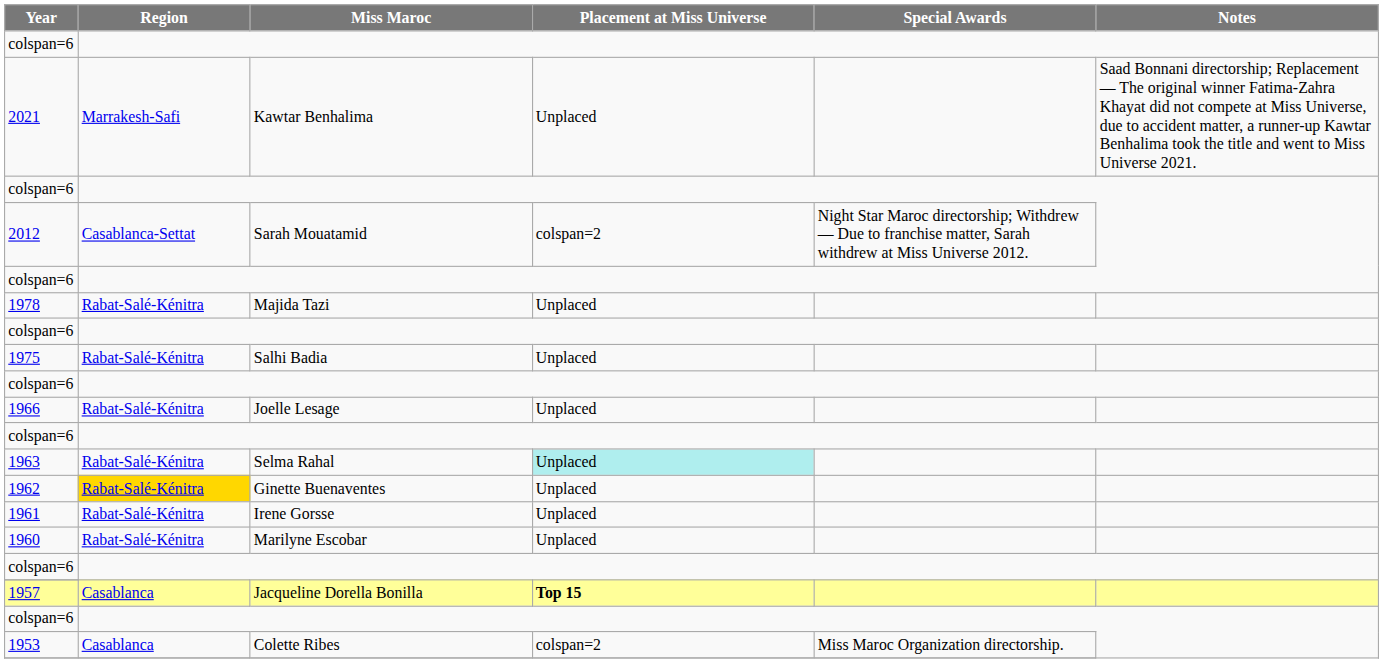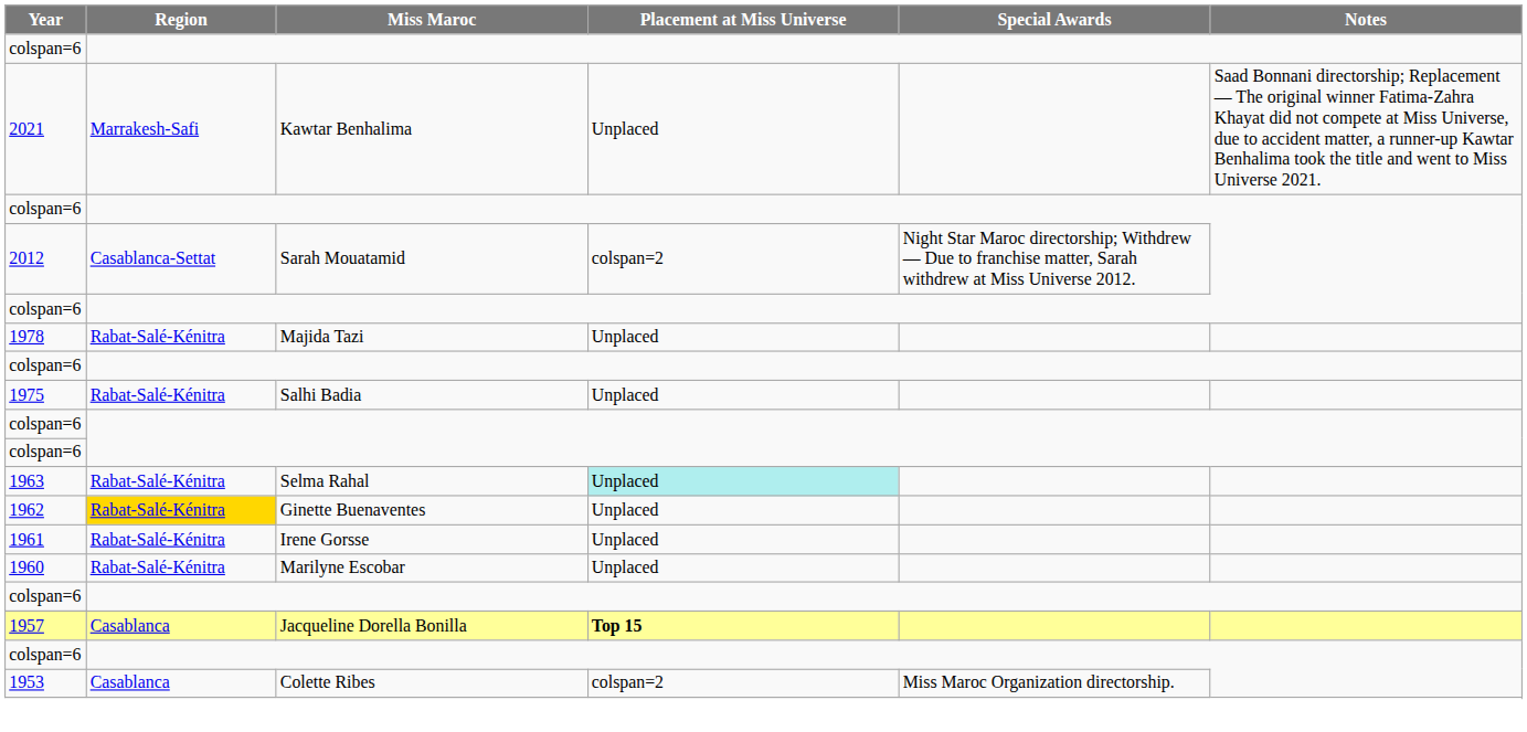 <table class="wikitable " style="font-size: 90%;">
 <tr>
 <th width="60" style="background-color:#787878;color:#FFFFFF;">Year</th>
 <th width="150" style="background-color:#787878;color:#FFFFFF;">Region</th>
 <th width="250" style="background-color:#787878;color:#FFFFFF;">Miss Maroc</th>
 <th width="250" style="background-color:#787878;color:#FFFFFF;">Placement at Miss Universe</th>
 <th width="250" style="background-color:#787878;color:#FFFFFF;">Special Awards</th>
 <th width="250" style="background-color:#787878;color:#FFFFFF;">Notes</th>
 </tr>
 <tr>
 <td>colspan=6 </td>
 </tr>
 <tr>
 <td><a href='#'>2021</a></td>
 <td><a href='#'>Marrakesh-Safi</a></td>
 <td>Kawtar Benhalima</td>
 <td>Unplaced</td>
 <td></td>
 <td>Saad Bonnani directorship; Replacement — The original winner Fatima-Zahra Khayat did not compete at Miss Universe, due to accident matter, a runner-up Kawtar Benhalima took the title and went to Miss Universe 2021.</td>
 </tr>
 <tr>
 <td>colspan=6 </td>
 </tr>
 <tr>
 <td><a href='#'>2012</a></td>
 <td><a href='#'>Casablanca-Settat</a></td>
 <td>Sarah Mouatamid</td>
 <td>colspan=2 </td>
 <td>Night Star Maroc directorship; Withdrew — Due to franchise matter, Sarah withdrew at Miss Universe 2012.</td>
 </tr>
 <tr>
 <td>colspan=6 </td>
 </tr>
 <tr>
 <td><a href='#'>1978</a></td>
 <td><a href='#'>Rabat-Salé-Kénitra</a></td>
 <td>Majida Tazi</td>
 <td>Unplaced</td>
 <td></td>
 <td></td>
 </tr>
 <tr>
 <td>colspan=6 </td>
 </tr>
 <tr>
 <td><a href='#'>1975</a></td>
 <td><a href='#'>Rabat-Salé-Kénitra</a></td>
 <td>Salhi Badia</td>
 <td>Unplaced</td>
 <td></td>
 <td></td>
 </tr>
 <tr>
 <td>colspan=6 </td>
-</tr>
-<tr>
-<td><a href='#'>1966</a></td>
-<td><a href='#'>Rabat-Salé-Kénitra</a></td>
-<td>Joelle Lesage</td>
-<td>Unplaced</td>
-<td></td>
-<td></td>
 </tr>
 <tr>
 <td>colspan=6 </td>
 </tr>
 <tr>
 <td><a href='#'>1963</a></td>
 <td><a href='#'>Rabat-Salé-Kénitra</a></td>
 <td>Selma Rahal</td>
 <td style="background: paleturquoise;">Unplaced</td>
 <td></td>
 <td></td>
 </tr>
 <tr>
 <td><a href='#'>1962</a></td>
 <td style="background: gold;"><a href='#'>Rabat-Salé-Kénitra</a></td>
 <td>Ginette Buenaventes</td>
 <td>Unplaced</td>
 <td></td>
 <td></td>
 </tr>
 <tr>
 <td><a href='#'>1961</a></td>
 <td><a href='#'>Rabat-Salé-Kénitra</a></td>
 <td>Irene Gorsse</td>
 <td>Unplaced</td>
 <td></td>
 </tr>
 <tr>
 <td><a href='#'>1960</a></td>
 <td><a href='#'>Rabat-Salé-Kénitra</a></td>
 <td>Marilyne Escobar</td>
 <td>Unplaced</td>
 <td></td>
 <td></td>
 </tr>
 <tr>
 <td>colspan=6 </td>
 </tr>
 <tr>
 </tr>
 <tr style="background-color:#FFFF99; ">
 <td><a href='#'>1957</a></td>
 <td><a href='#'>Casablanca</a></td>
 <td>Jacqueline Dorella Bonilla</td>
 <td><strong>Top 15</strong></td>
 <td></td>
 <td></td>
 </tr>
 <tr>
 <td>colspan=6 </td>
 </tr>
 <tr>
 <td><a href='#'>1953</a></td>
 <td><a href='#'>Casablanca</a></td>
 <td>Colette Ribes</td>
 <td>colspan=2 </td>
 <td>Miss Maroc Organization directorship.</td>
 </tr>
 <tr>
 </tr>
 </table>
